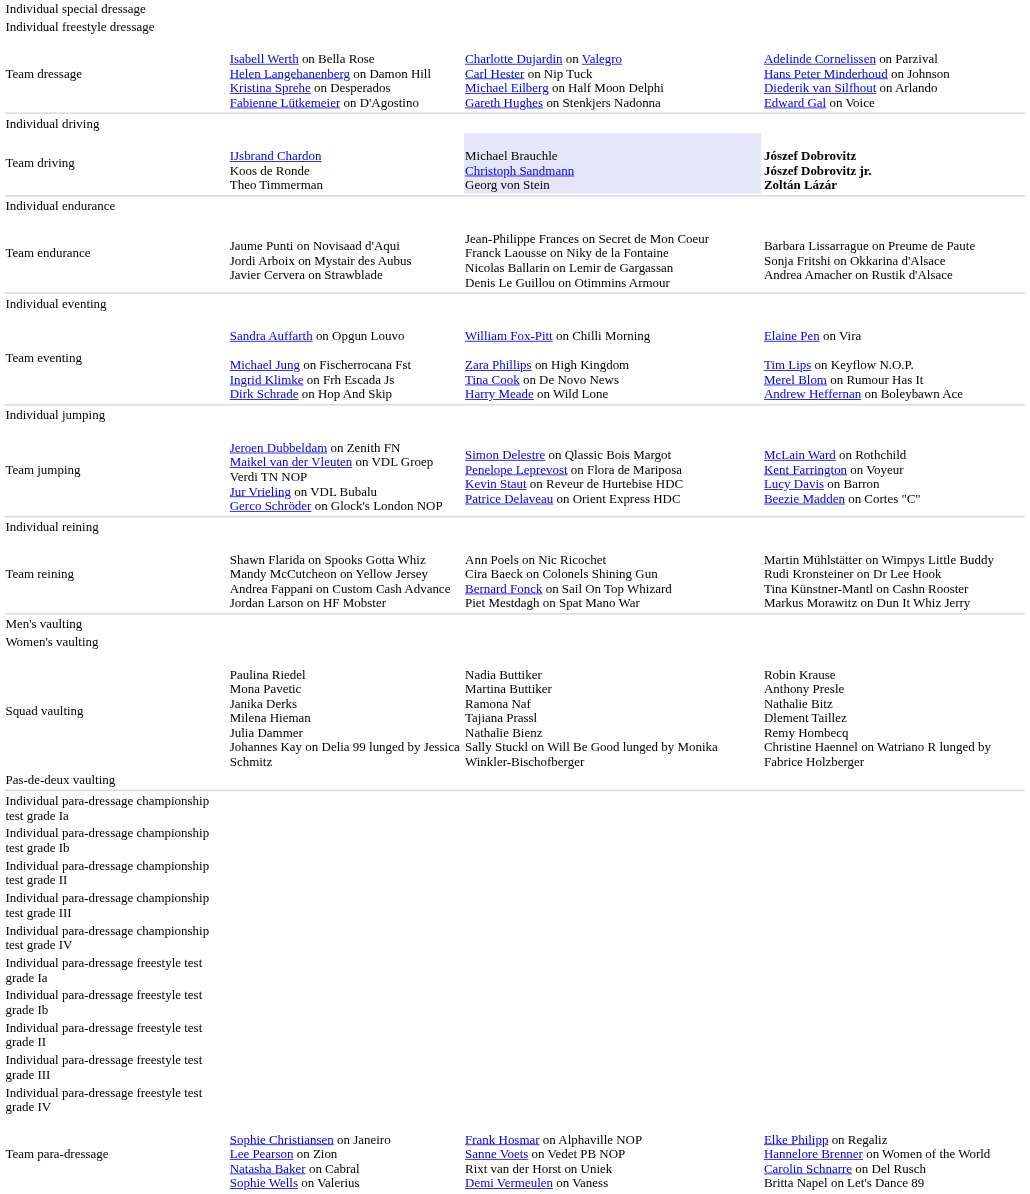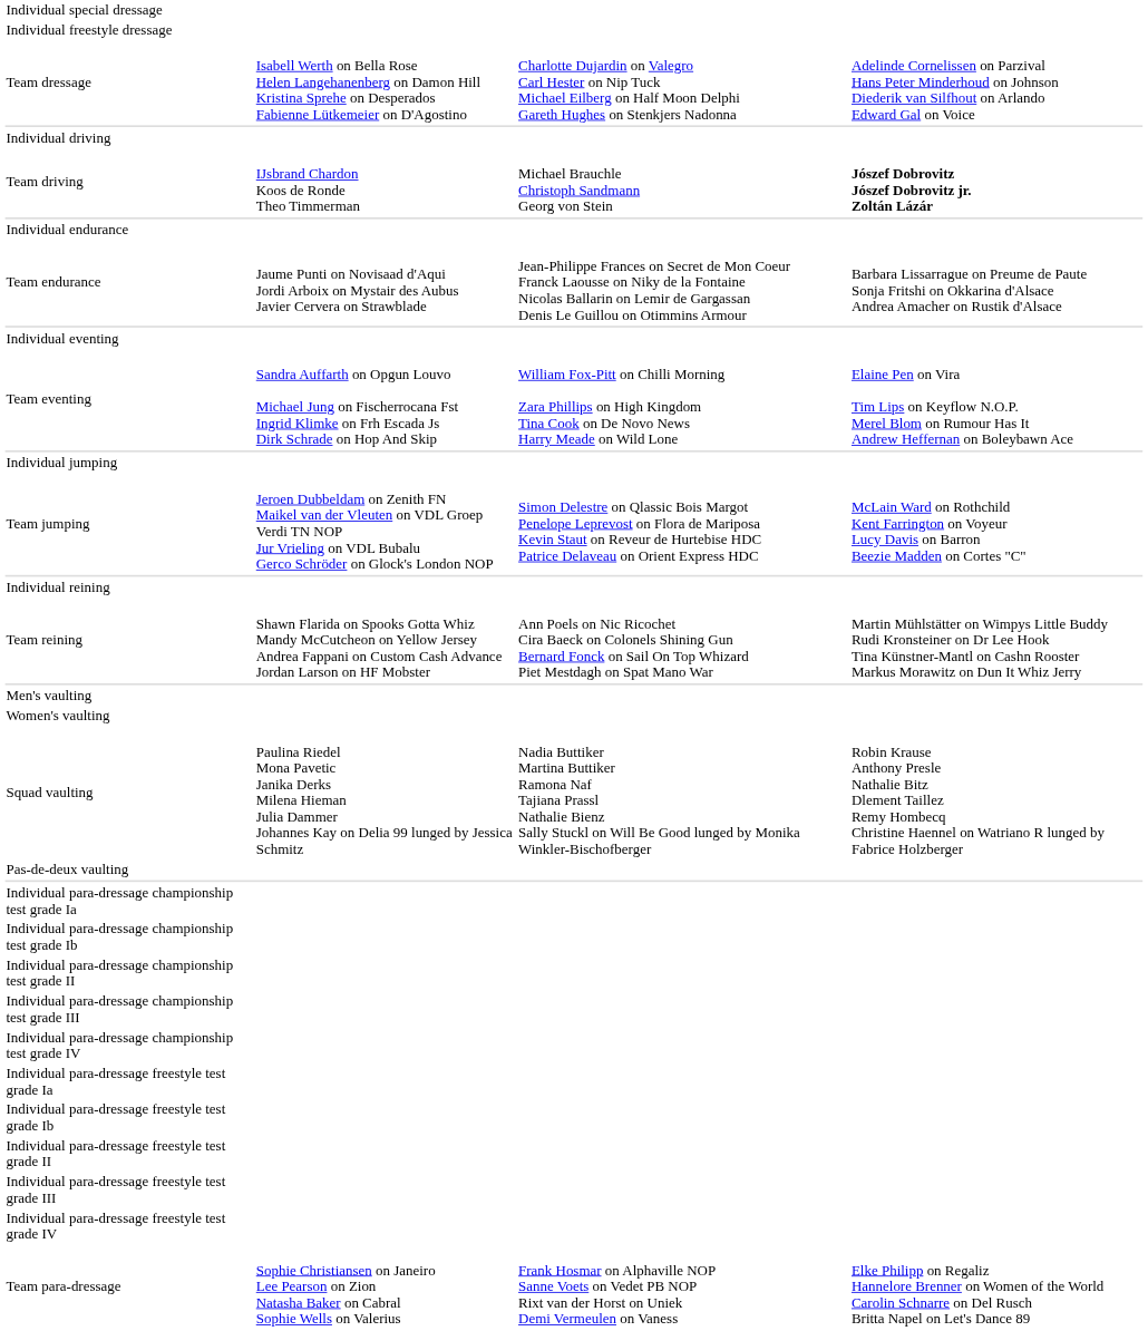 <table>
 <tr>
 <td>Individual special dressage<br></td>
 <td></td>
 <td></td>
 <td></td>
 </tr>
 <tr>
 <td>Individual freestyle dressage<br></td>
 <td></td>
 <td></td>
 <td></td>
 </tr>
 <tr>
 <td>Team dressage<br></td>
 <td><br><a href='#'>Isabell Werth</a> on Bella Rose<br><a href='#'>Helen Langehanenberg</a> on Damon Hill<br><a href='#'>Kristina Sprehe</a> on Desperados<br><a href='#'>Fabienne Lütkemeier</a> on D'Agostino</td>
 <td><br><a href='#'>Charlotte Dujardin</a> on <a href='#'>Valegro</a><br><a href='#'>Carl Hester</a> on Nip Tuck<br><a href='#'>Michael Eilberg</a> on Half Moon Delphi<br><a href='#'>Gareth Hughes</a> on Stenkjers Nadonna</td>
 <td><br><a href='#'>Adelinde Cornelissen</a> on Parzival<br><a href='#'>Hans Peter Minderhoud</a> on Johnson<br><a href='#'>Diederik van Silfhout</a> on Arlando<br><a href='#'>Edward Gal</a> on Voice</td>
 </tr>
 <tr bgcolor=#DDDDDD>
 <td colspan=7></td>
 </tr>
 <tr>
 <td>Individual driving<br></td>
 <td></td>
 <td></td>
 <td></td>
 </tr>
 <tr>
 <td>Team driving<br></td>
 <td><br><a href='#'>IJsbrand Chardon</a><br>Koos de Ronde<br>Theo Timmerman</td>
-<td style="background: lavender;"><br>Michael Brauchle<br><a href='#'>Christoph Sandmann</a><br>Georg von Stein</td>
+<td><br>Michael Brauchle<br><a href='#'>Christoph Sandmann</a><br>Georg von Stein</td>
 <td><strong><br>Jószef Dobrovitz<br>Jószef Dobrovitz jr.<br>Zoltán Lázár</strong></td>
 </tr>
 <tr bgcolor=#DDDDDD>
 <td colspan=7></td>
 </tr>
 <tr>
 <td>Individual endurance<br></td>
 <td></td>
 <td></td>
 <td></td>
 </tr>
 <tr>
 <td>Team endurance<br></td>
 <td><br>Jaume Punti on Novisaad d'Aqui<br>Jordi Arboix on Mystair des Aubus<br>Javier Cervera on Strawblade</td>
 <td><br>Jean-Philippe Frances on Secret de Mon Coeur<br>Franck Laousse on Niky de la Fontaine<br>Nicolas Ballarin on Lemir de Gargassan<br>Denis Le Guillou on Otimmins Armour</td>
 <td><br>Barbara Lissarrague on Preume de Paute<br>Sonja Fritshi on Okkarina d'Alsace<br>Andrea Amacher on Rustik d'Alsace</td>
 </tr>
 <tr bgcolor=#DDDDDD>
 <td colspan=7></td>
 </tr>
 <tr>
 <td>Individual eventing<br></td>
 <td></td>
 <td></td>
 <td></td>
 </tr>
 <tr>
 <td>Team eventing<br></td>
 <td><br><a href='#'>Sandra Auffarth</a> on Opgun Louvo <br><br><a href='#'>Michael Jung</a> on Fischerrocana Fst <br> <a href='#'>Ingrid Klimke</a> on Frh Escada Js <br> <a href='#'>Dirk Schrade</a> on Hop And Skip</td>
 <td><br><a href='#'>William Fox-Pitt</a> on Chilli Morning <br><br><a href='#'>Zara Phillips</a> on High Kingdom <br> <a href='#'>Tina Cook</a> on De Novo News <br> <a href='#'>Harry Meade</a> on Wild Lone</td>
 <td><br><a href='#'>Elaine Pen</a> on Vira <br><br><a href='#'>Tim Lips</a> on Keyflow N.O.P. <br> <a href='#'>Merel Blom</a> on Rumour Has It <br> <a href='#'>Andrew Heffernan</a> on Boleybawn Ace</td>
 </tr>
 <tr bgcolor=#DDDDDD>
 <td colspan=7></td>
 </tr>
 <tr>
 <td>Individual jumping<br></td>
 <td></td>
 <td></td>
 <td></td>
 </tr>
 <tr>
 <td>Team jumping<br></td>
 <td><br><a href='#'>Jeroen Dubbeldam</a> on Zenith FN<br><a href='#'>Maikel van der Vleuten</a> on VDL Groep Verdi TN NOP<br><a href='#'>Jur Vrieling</a> on VDL Bubalu<br><a href='#'>Gerco Schröder</a> on Glock's London NOP</td>
 <td><br><a href='#'>Simon Delestre</a> on Qlassic Bois Margot<br><a href='#'>Penelope Leprevost</a> on Flora de Mariposa<br><a href='#'>Kevin Staut</a> on Reveur de Hurtebise HDC<br><a href='#'>Patrice Delaveau</a> on Orient Express HDC</td>
 <td><br><a href='#'>McLain Ward</a> on Rothchild<br><a href='#'>Kent Farrington</a> on Voyeur<br><a href='#'>Lucy Davis</a> on Barron<br><a href='#'>Beezie Madden</a> on Cortes "C"</td>
 </tr>
 <tr bgcolor=#DDDDDD>
 <td colspan=7></td>
 </tr>
 <tr>
 <td>Individual reining<br></td>
 <td></td>
 <td></td>
 <td></td>
 </tr>
 <tr>
 <td>Team reining<br></td>
 <td><br>Shawn Flarida on Spooks Gotta Whiz<br>Mandy McCutcheon on Yellow Jersey<br>Andrea Fappani on Custom Cash Advance<br>Jordan Larson on HF Mobster</td>
 <td><br>Ann Poels on Nic Ricochet<br>Cira Baeck on Colonels Shining Gun<br><a href='#'>Bernard Fonck</a> on Sail On Top Whizard<br>Piet Mestdagh on Spat Mano War</td>
 <td><br>Martin Mühlstätter on Wimpys Little Buddy<br>Rudi Kronsteiner on Dr Lee Hook<br>Tina Künstner-Mantl on Cashn Rooster<br>Markus Morawitz on Dun It Whiz Jerry</td>
 </tr>
 <tr bgcolor=#DDDDDD>
 <td colspan=7></td>
 </tr>
 <tr>
 <td>Men's vaulting<br></td>
 <td></td>
 <td></td>
 <td></td>
 </tr>
 <tr>
 <td>Women's vaulting<br></td>
 <td></td>
 <td></td>
 <td></td>
 </tr>
 <tr>
 <td>Squad vaulting<br></td>
 <td><br>Paulina Riedel<br>Mona Pavetic<br>Janika Derks<br>Milena Hieman<br>Julia Dammer<br>Johannes Kay on Delia 99 lunged by Jessica Schmitz</td>
 <td><br>Nadia Buttiker<br>Martina Buttiker<br>Ramona Naf<br>Tajiana Prassl<br>Nathalie Bienz<br>Sally Stuckl on Will Be Good lunged by Monika Winkler-Bischofberger</td>
 <td><br>Robin Krause<br>Anthony Presle<br>Nathalie Bitz<br>Dlement Taillez<br>Remy Hombecq<br>Christine Haennel on Watriano R lunged by Fabrice Holzberger</td>
 </tr>
 <tr>
 <td>Pas-de-deux vaulting<br></td>
 <td></td>
 <td></td>
 <td></td>
 </tr>
 <tr bgcolor=#DDDDDD>
 <td colspan=7></td>
 </tr>
 <tr>
 <td>Individual para-dressage championship test grade Ia<br></td>
 <td></td>
 <td></td>
 <td></td>
 </tr>
 <tr>
 <td>Individual para-dressage championship test grade Ib<br></td>
 <td></td>
 <td></td>
 <td></td>
 </tr>
 <tr>
 <td>Individual para-dressage championship test grade II<br></td>
 <td></td>
 <td></td>
 <td></td>
 </tr>
 <tr>
 <td>Individual para-dressage championship test grade III<br></td>
 <td></td>
 <td></td>
 <td></td>
 </tr>
 <tr>
 <td>Individual para-dressage championship test grade IV<br></td>
 <td></td>
 <td></td>
 <td></td>
 </tr>
 <tr>
 <td>Individual para-dressage freestyle test grade Ia<br></td>
 <td></td>
 <td></td>
 <td></td>
 </tr>
 <tr>
 <td>Individual para-dressage freestyle test grade Ib<br></td>
 <td></td>
 <td></td>
 <td></td>
 </tr>
 <tr>
 <td>Individual para-dressage freestyle test grade II<br></td>
 <td></td>
 <td></td>
 <td></td>
 </tr>
 <tr>
 <td>Individual para-dressage freestyle test grade III<br></td>
 <td></td>
 <td></td>
 <td></td>
 </tr>
 <tr>
 <td>Individual para-dressage freestyle test grade IV<br></td>
 <td></td>
 <td></td>
 <td></td>
 </tr>
 <tr>
 <td>Team para-dressage<br></td>
 <td><br><a href='#'>Sophie Christiansen</a> on Janeiro<br><a href='#'>Lee Pearson</a> on Zion<br><a href='#'>Natasha Baker</a> on Cabral<br><a href='#'>Sophie Wells</a> on Valerius</td>
 <td><br><a href='#'>Frank Hosmar</a> on Alphaville NOP<br><a href='#'>Sanne Voets</a> on Vedet PB NOP<br>Rixt van der Horst on Uniek<br><a href='#'>Demi Vermeulen</a> on Vaness</td>
 <td><br><a href='#'>Elke Philipp</a> on Regaliz<br><a href='#'>Hannelore Brenner</a> on Women of the World<br><a href='#'>Carolin Schnarre</a> on Del Rusch<br>Britta Napel on Let's Dance 89</td>
 </tr>
 </table>
